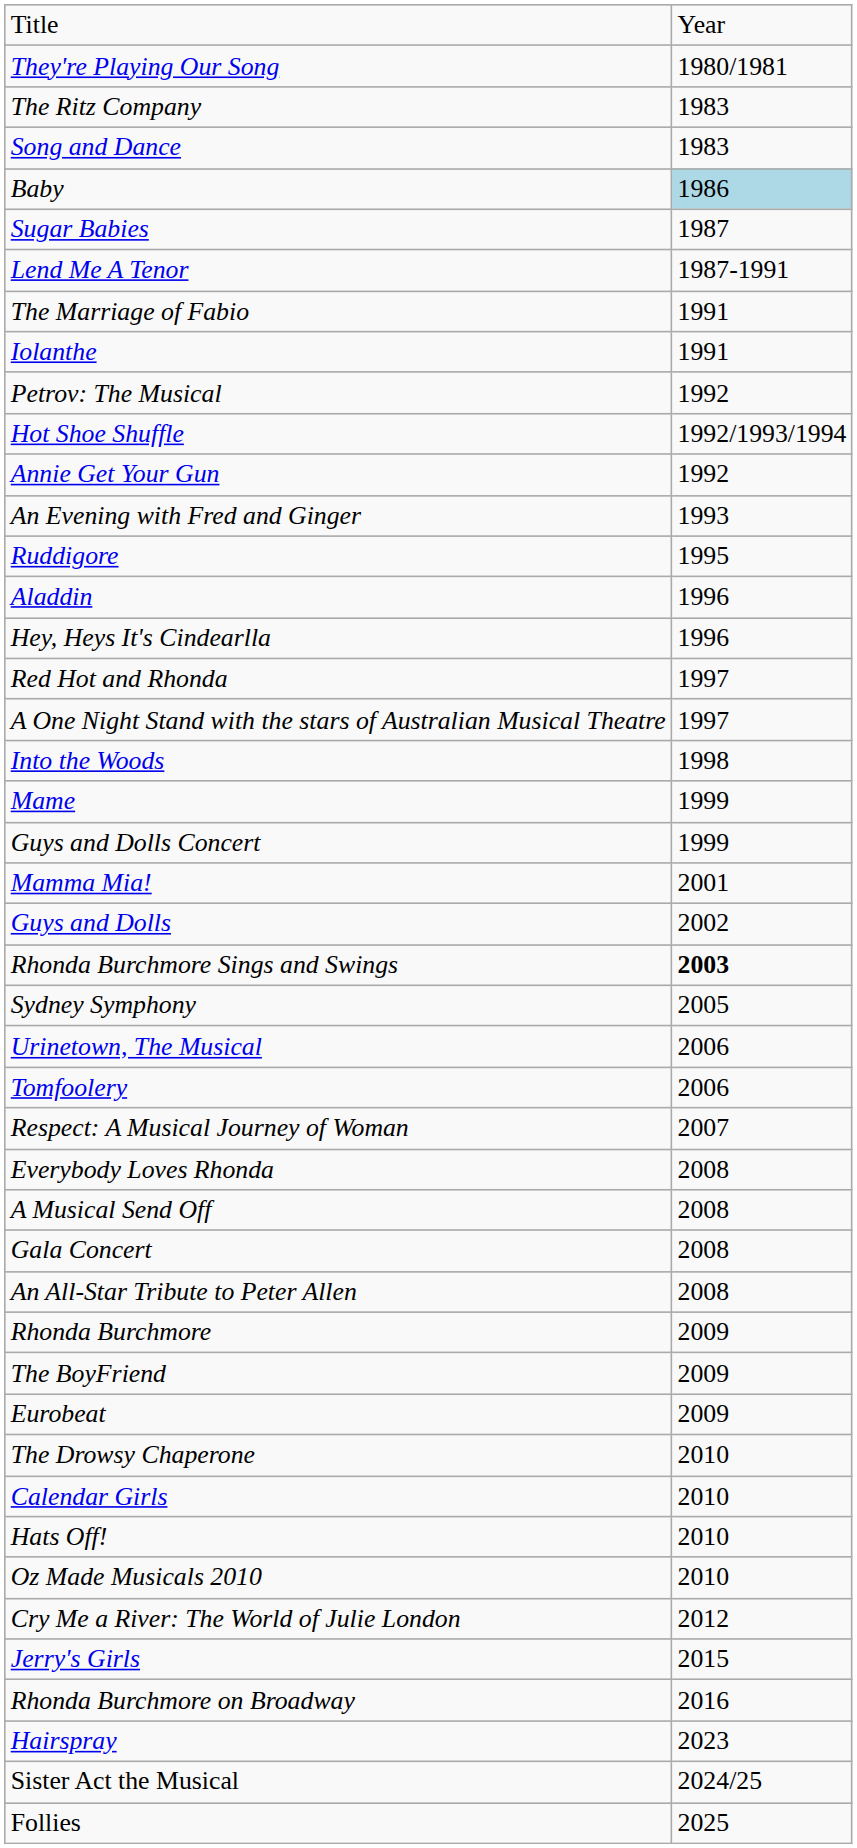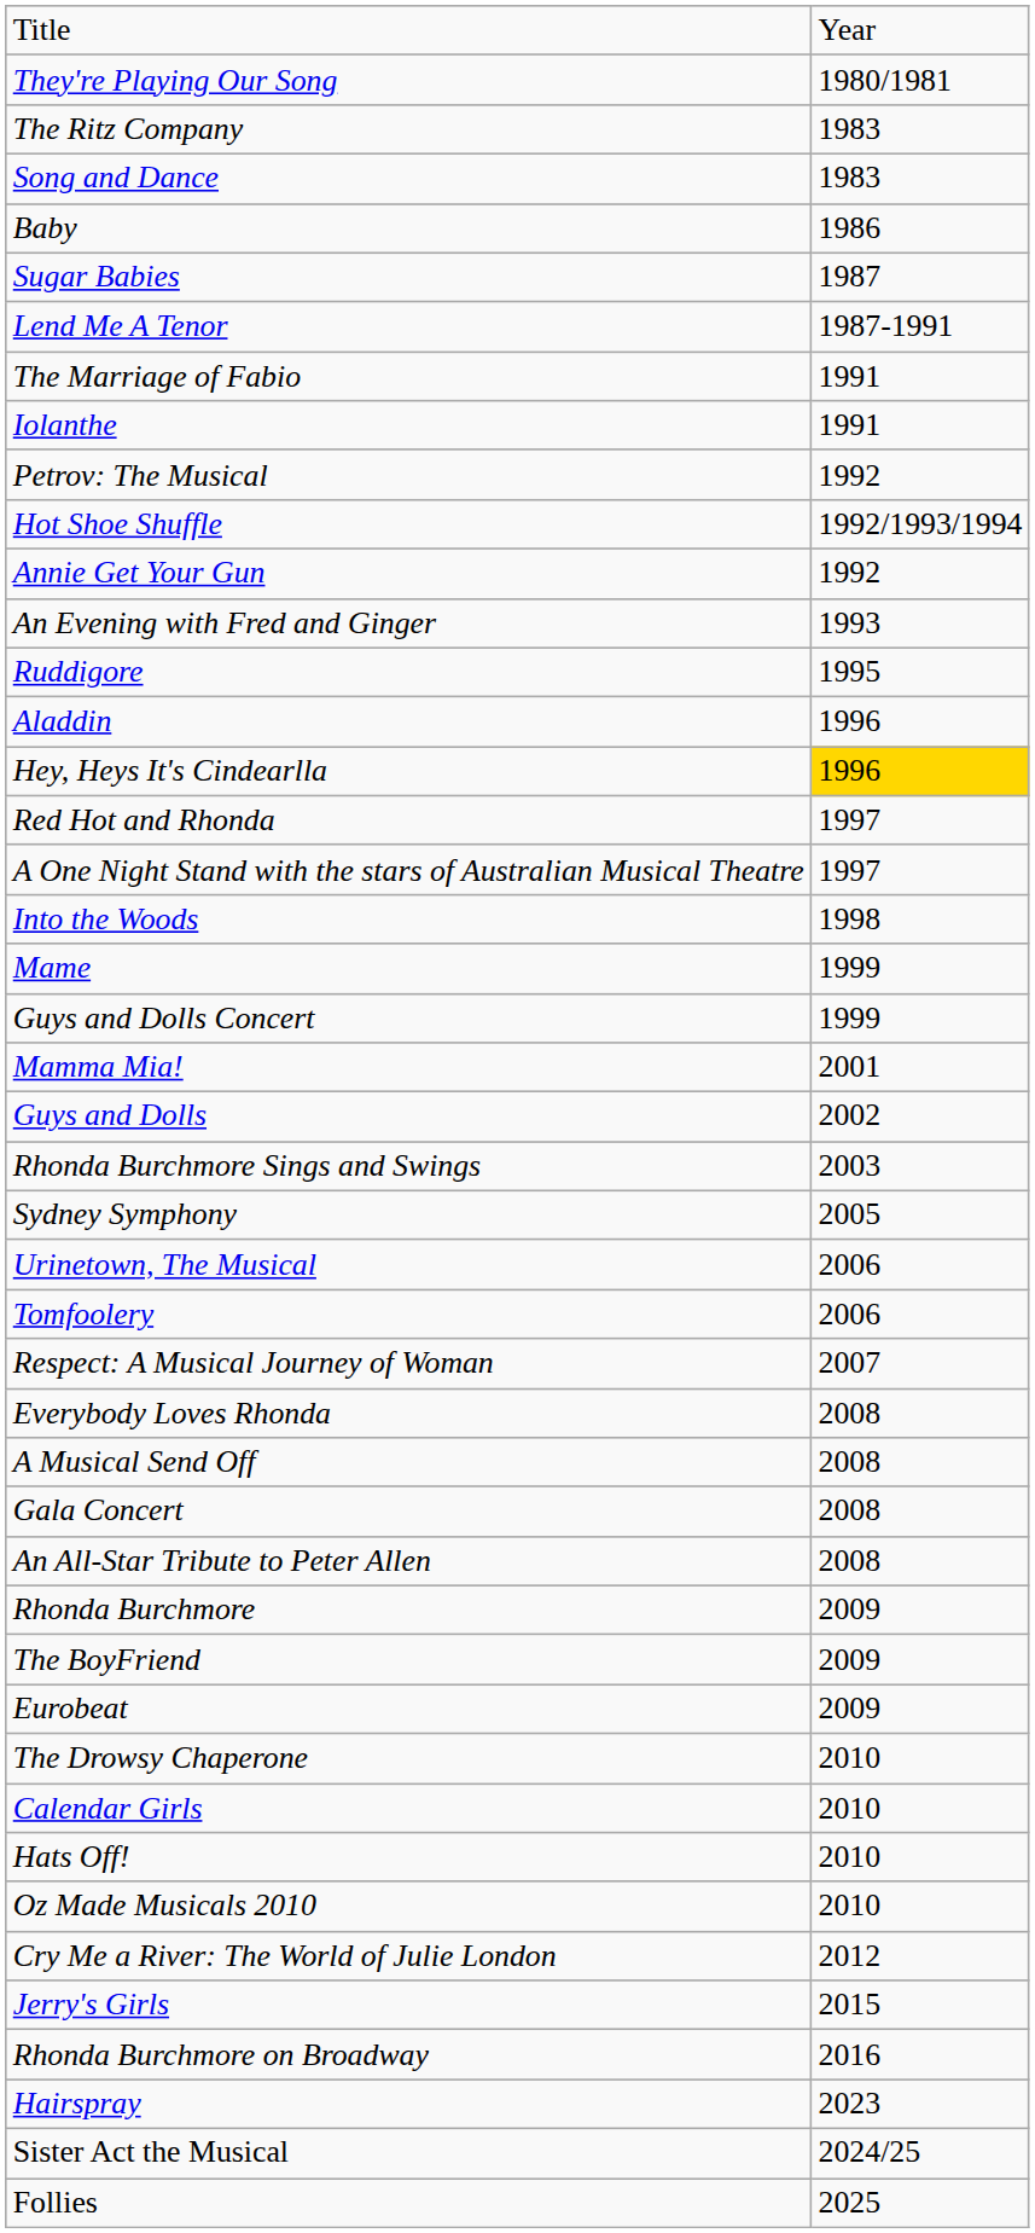 <table class="wikitable">
 <tr>
 <td>Title</td>
 <td>Year</td>
 </tr>
 <tr>
 <td><em><a href='#'>They're Playing Our Song</a></em></td>
 <td>1980/1981</td>
 </tr>
 <tr>
 <td><em>The Ritz Company</em></td>
 <td>1983</td>
 </tr>
 <tr>
 <td><em><a href='#'>Song and Dance</a></em></td>
 <td>1983</td>
 </tr>
 <tr>
 <td><em>Baby</em></td>
-<td style="background: lightblue;">1986</td>
+<td>1986</td>
 </tr>
 <tr>
 <td><em><a href='#'>Sugar Babies</a></em></td>
 <td>1987</td>
 </tr>
 <tr>
 <td><em><a href='#'>Lend Me A Tenor</a></em></td>
 <td>1987-1991</td>
 </tr>
 <tr>
 <td><em>The Marriage of Fabio</em></td>
 <td>1991</td>
 </tr>
 <tr>
 <td><em><a href='#'>Iolanthe</a></em></td>
 <td>1991</td>
 </tr>
 <tr>
 <td><em>Petrov: The Musical</em></td>
 <td>1992</td>
 </tr>
 <tr>
 <td><em><a href='#'>Hot Shoe Shuffle</a></em></td>
 <td>1992/1993/1994</td>
 </tr>
 <tr>
 <td><em><a href='#'>Annie Get Your Gun</a></em></td>
 <td>1992</td>
 </tr>
 <tr>
 <td><em>An Evening with Fred and Ginger </em></td>
 <td>1993</td>
 </tr>
 <tr>
 <td><em><a href='#'>Ruddigore</a></em></td>
 <td>1995</td>
 </tr>
 <tr>
 <td><em><a href='#'>Aladdin</a></em></td>
 <td>1996</td>
 </tr>
 <tr>
 <td><em>Hey, Heys It's Cindearlla</em></td>
-<td>1996</td>
+<td style="background: gold;">1996</td>
 </tr>
 <tr>
 <td><em>Red Hot and Rhonda</em></td>
 <td>1997</td>
 </tr>
 <tr>
 <td><em>A One Night Stand with the stars of Australian Musical Theatre</em></td>
 <td>1997</td>
 </tr>
 <tr>
 <td><em><a href='#'>Into the Woods</a></em></td>
 <td>1998</td>
 </tr>
 <tr>
 <td><em><a href='#'>Mame</a></em></td>
 <td>1999</td>
 </tr>
 <tr>
 <td><em>Guys and Dolls Concert</em></td>
 <td>1999</td>
 </tr>
 <tr>
 <td><em><a href='#'>Mamma Mia!</a></em></td>
 <td>2001</td>
 </tr>
 <tr>
 <td><em><a href='#'>Guys and Dolls</a></em></td>
 <td>2002</td>
 </tr>
 <tr>
 <td><em>Rhonda Burchmore Sings and Swings</em></td>
-<td><strong>2003</strong></td>
+<td>2003</td>
 </tr>
 <tr>
 <td><em>Sydney Symphony</em></td>
 <td>2005</td>
 </tr>
 <tr>
 <td><em><a href='#'>Urinetown, The Musical</a></em></td>
 <td>2006</td>
 </tr>
 <tr>
 <td><em><a href='#'>Tomfoolery</a></em></td>
 <td>2006</td>
 </tr>
 <tr>
 <td><em>Respect: A Musical Journey of Woman</em></td>
 <td>2007</td>
 </tr>
 <tr>
 <td><em>Everybody Loves Rhonda</em></td>
 <td>2008</td>
 </tr>
 <tr>
 <td><em>A Musical Send Off</em></td>
 <td>2008</td>
 </tr>
 <tr>
 <td><em>Gala Concert</em></td>
 <td>2008</td>
 </tr>
 <tr>
 <td><em>An All-Star Tribute to Peter Allen</em></td>
 <td>2008</td>
 </tr>
 <tr>
 <td><em>Rhonda Burchmore</em></td>
 <td>2009</td>
 </tr>
 <tr>
 <td><em>The BoyFriend</em></td>
 <td>2009</td>
 </tr>
 <tr>
 <td><em>Eurobeat</em></td>
 <td>2009</td>
 </tr>
 <tr>
 <td><em>The Drowsy Chaperone</em></td>
 <td>2010</td>
 </tr>
 <tr>
 <td><em><a href='#'>Calendar Girls</a></em></td>
 <td>2010</td>
 </tr>
 <tr>
 <td><em>Hats Off!</em></td>
 <td>2010</td>
 </tr>
 <tr>
 <td><em>Oz Made Musicals 2010</em></td>
 <td>2010</td>
 </tr>
 <tr>
 <td><em>Cry Me a River: The World of Julie London</em></td>
 <td>2012</td>
 </tr>
 <tr>
 <td><em><a href='#'>Jerry's Girls</a></em></td>
 <td>2015</td>
 </tr>
 <tr>
 <td><em>Rhonda Burchmore on Broadway</em></td>
 <td>2016</td>
 </tr>
 <tr>
 <td><em><a href='#'>Hairspray</a></em></td>
 <td>2023</td>
 </tr>
 <tr>
 <td>Sister Act the Musical</td>
 <td>2024/25</td>
 </tr>
 <tr>
 <td>Follies</td>
 <td>2025</td>
 </tr>
 </table>
